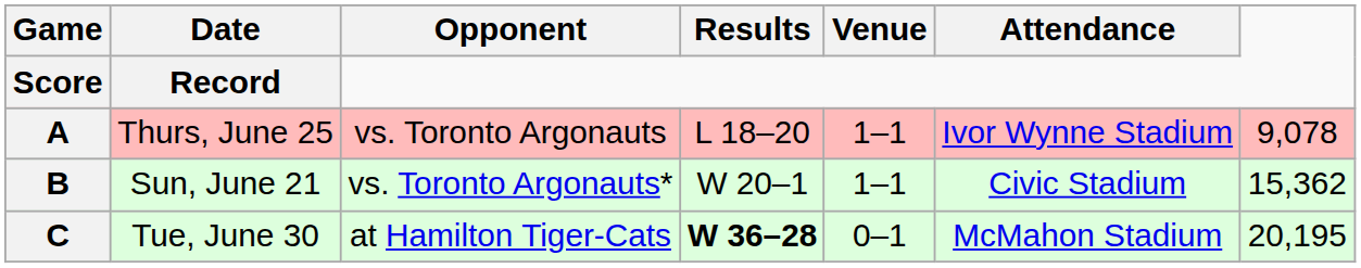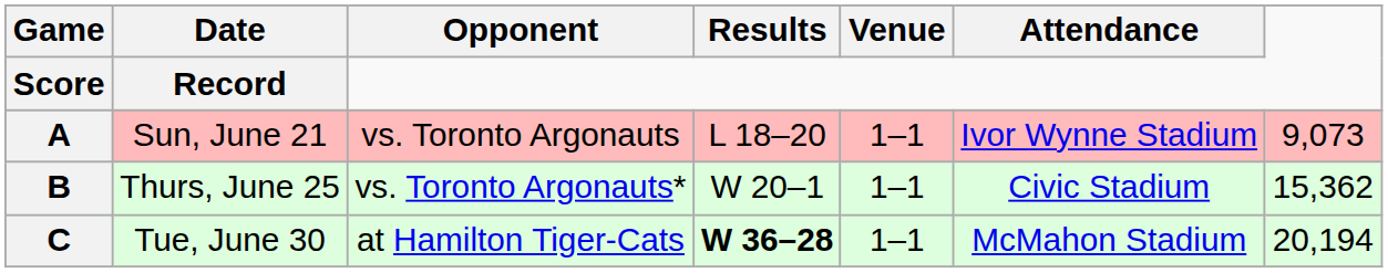 <table class="wikitable" style="text-align:center">
 <tr>
 <th>Game</th>
 <th>Date</th>
 <th>Opponent</th>
 <th>Results</th>
 <th>Venue</th>
 <th>Attendance</th>
 </tr>
 <tr>
 <th>Score</th>
 <th>Record</th>
 </tr>
 <tr style="background:#ffbbbb">
 <th>A</th>
-<td>Thurs, June 25</td>
+<td>Sun, June 21</td>
 <td>vs. Toronto Argonauts</td>
 <td>L 18–20</td>
 <td>1–1</td>
 <td><a href='#'>Ivor Wynne Stadium</a></td>
-<td>9,078</td>
+<td>9,073</td>
 </tr>
 <tr style="background:#ddffdd">
 <th>B</th>
-<td>Sun, June 21</td>
+<td>Thurs, June 25</td>
 <td>vs. <a href='#'>Toronto Argonauts</a>*</td>
 <td>W 20–1</td>
 <td>1–1</td>
 <td><a href='#'>Civic Stadium</a></td>
 <td>15,362</td>
 </tr>
 <tr style="background:#ddffdd">
 <th>C</th>
 <td>Tue, June 30</td>
 <td>at <a href='#'>Hamilton Tiger-Cats</a></td>
 <td><strong>W 36–28</strong></td>
-<td>0–1</td>
+<td>1–1</td>
 <td><a href='#'>McMahon Stadium</a></td>
-<td>20,195</td>
+<td>20,194</td>
 </tr>
 </table>
